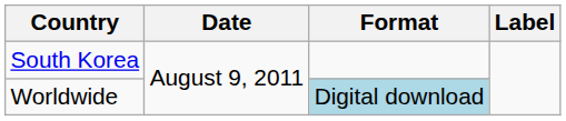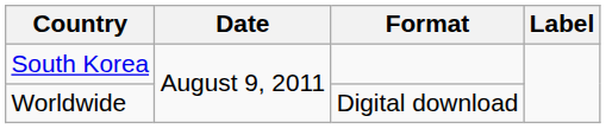 <table class="wikitable plainrowheaders">
 <tr>
 <th scope="col">Country</th>
 <th>Date</th>
 <th>Format</th>
 <th>Label</th>
 </tr>
 <tr>
 <td scope="row" rowspan="1"><a href='#'>South Korea</a></td>
 <td scope="row" rowspan="2">August 9, 2011</td>
 <td></td>
 <td scope="row" rowspan="2"></td>
 </tr>
 <tr>
 <td scope="row" rowspan="1">Worldwide</td>
-<td style="background: lightblue;">Digital download</td>
+<td>Digital download</td>
 </tr>
 </table>
